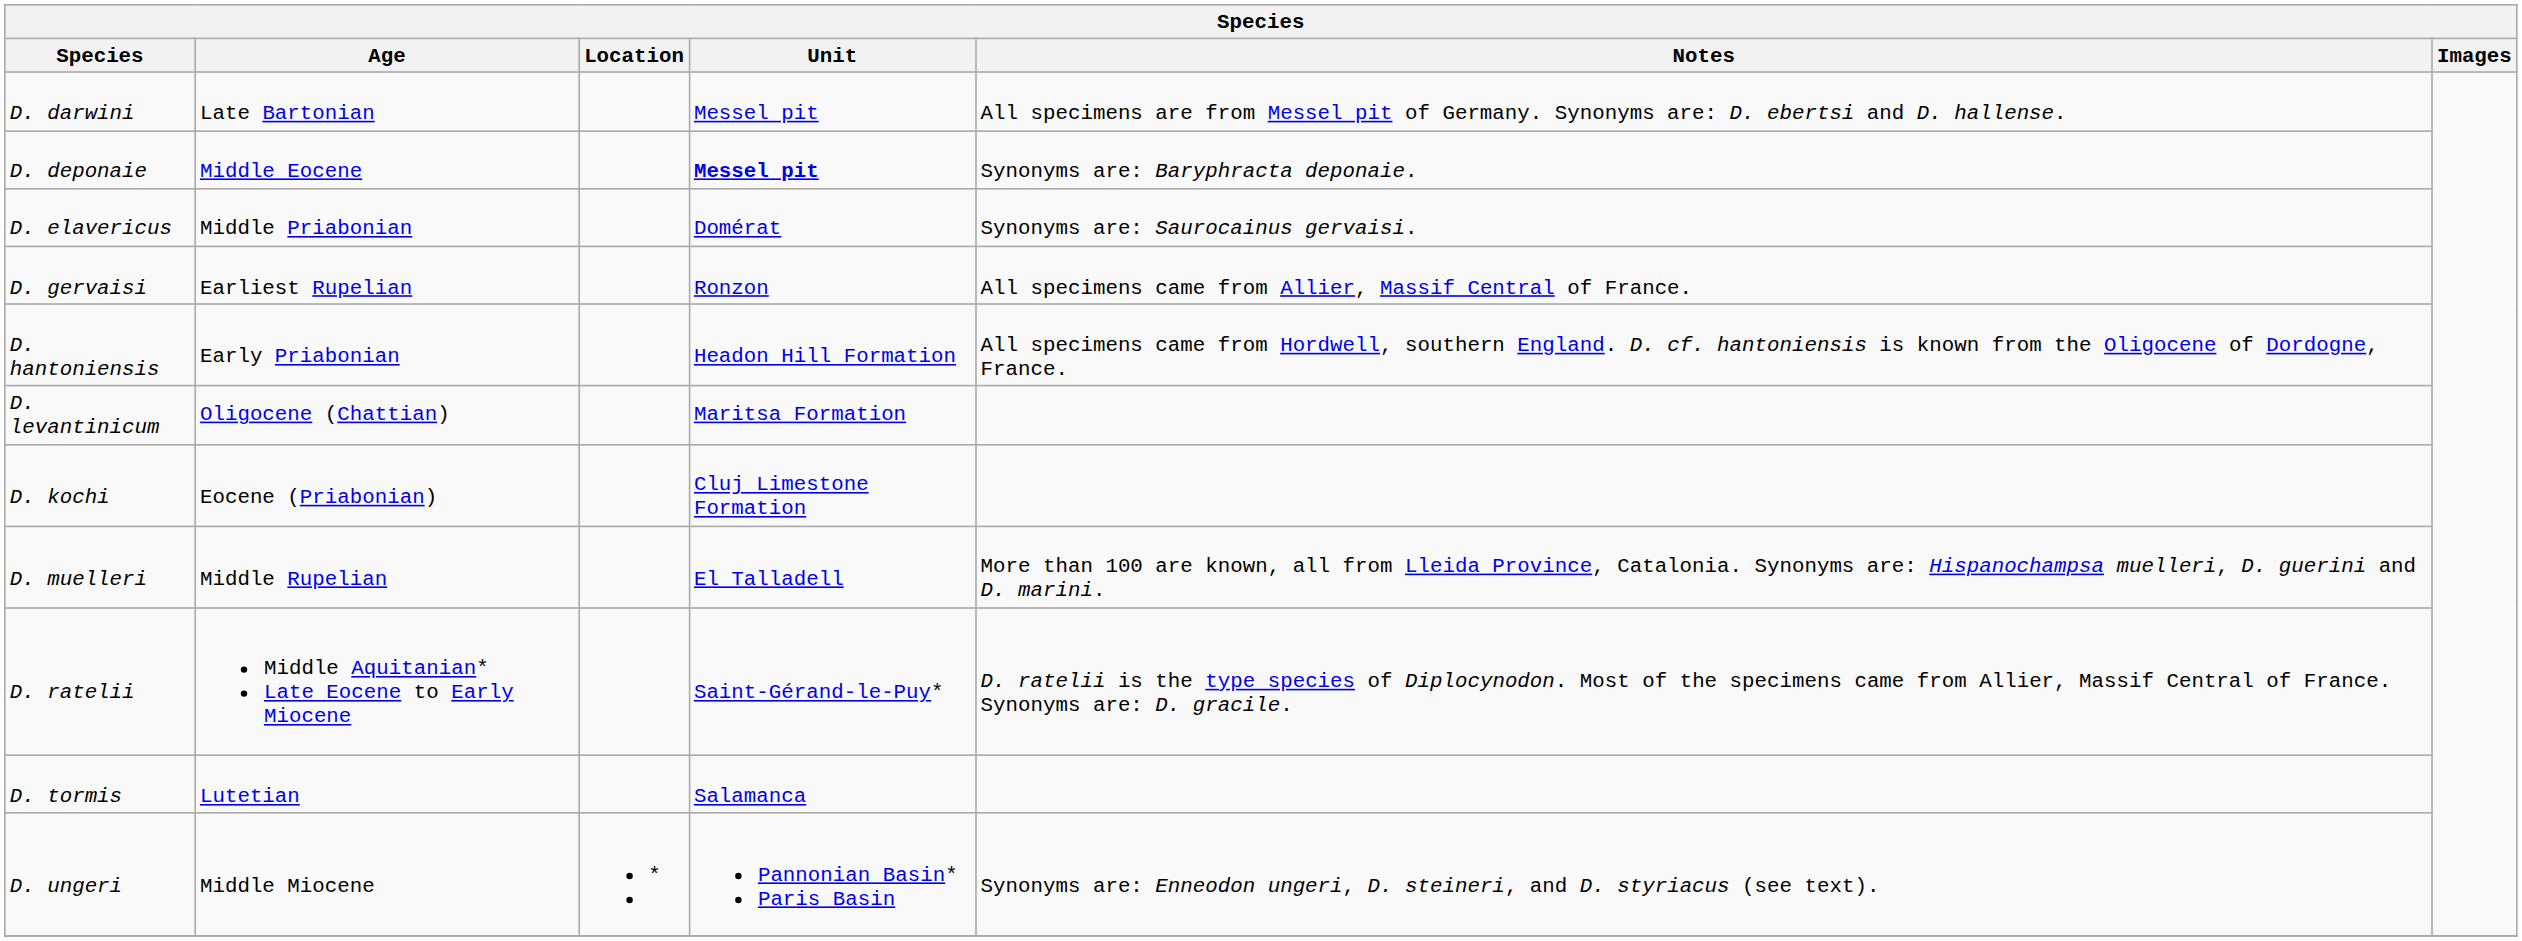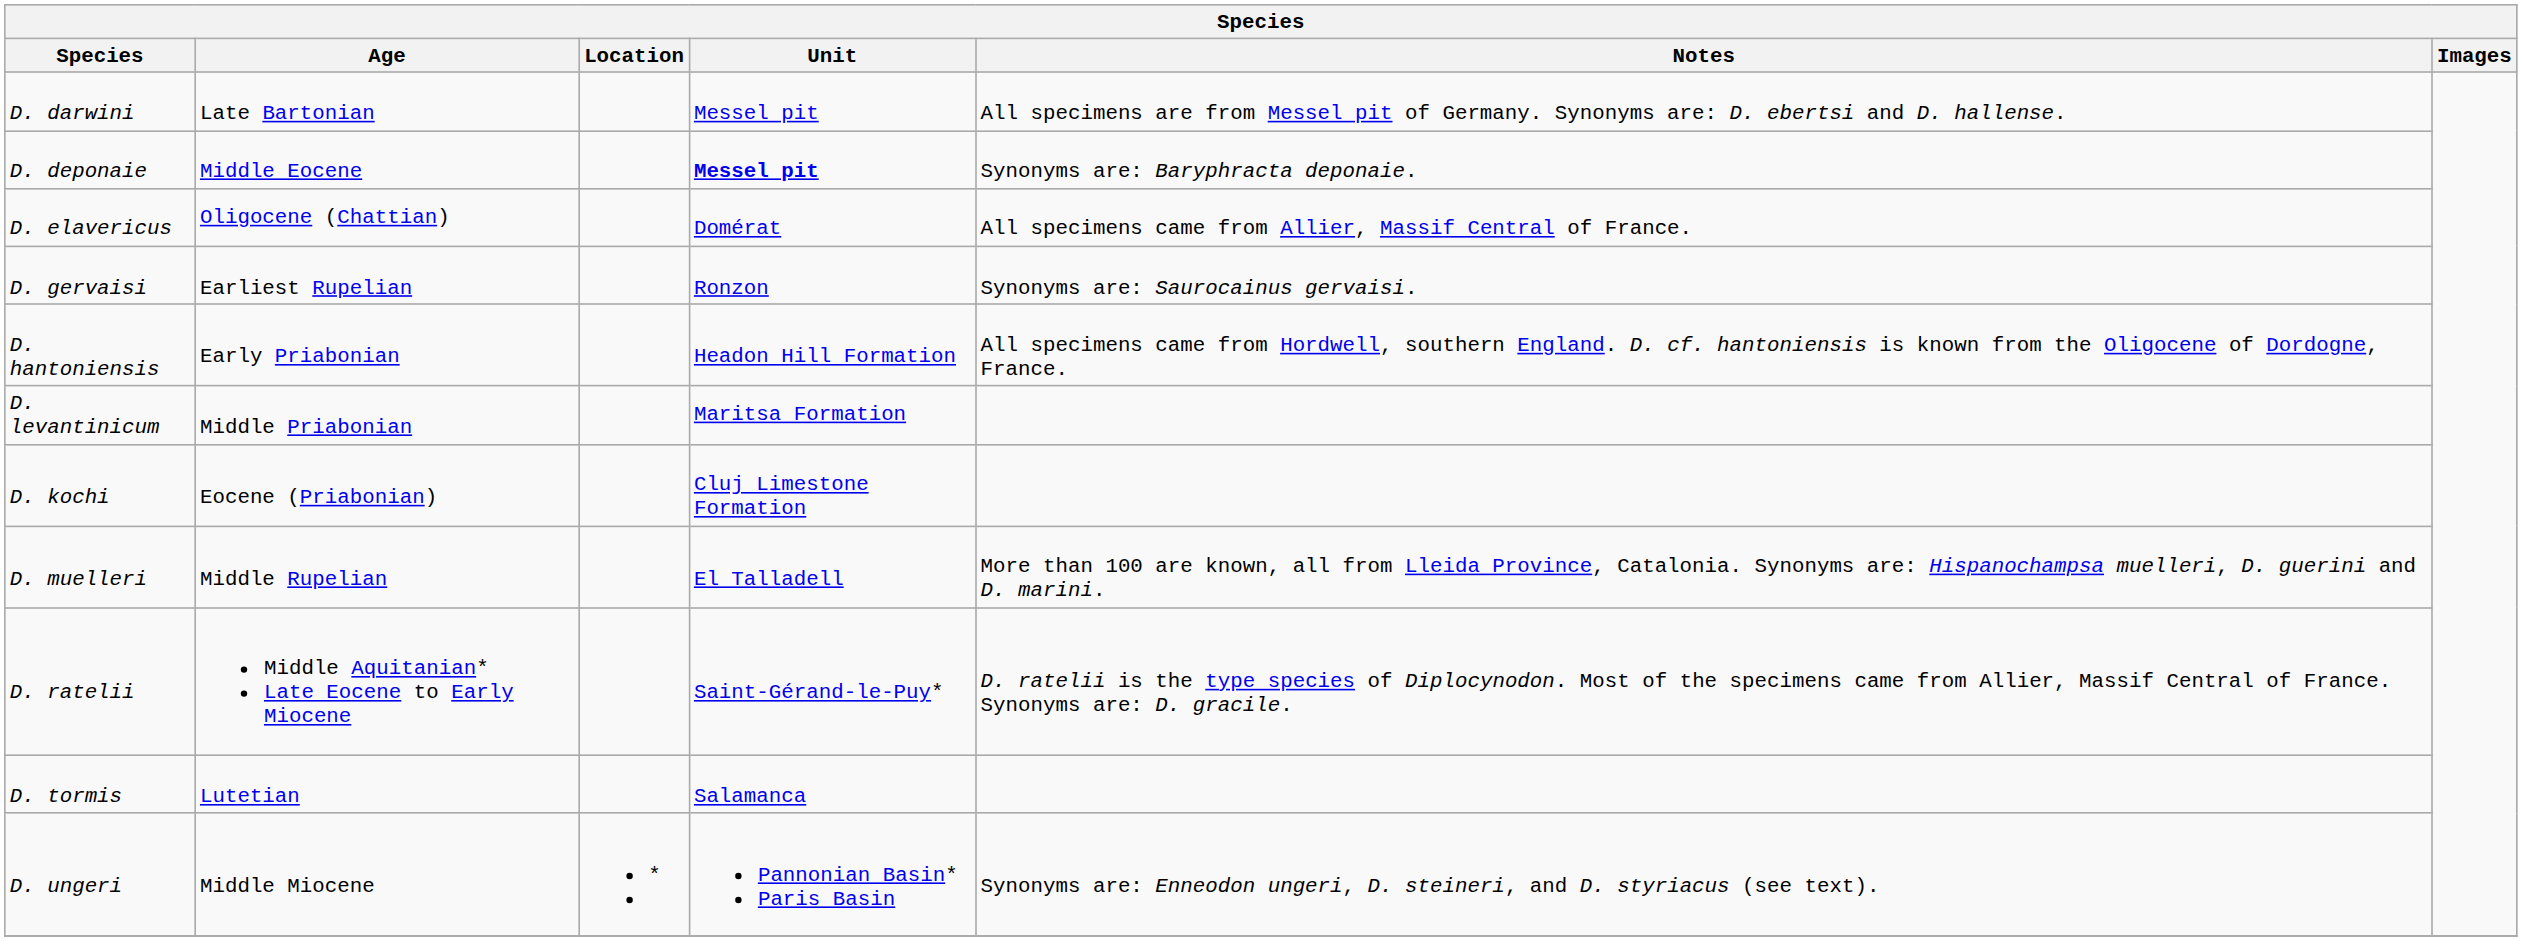 <table class="wikitable sortable" border="1">
 <tr>
 <th colspan="6" align="center"><strong>Species</strong></th>
 </tr>
 <tr>
 <th>Species</th>
 <th>Age</th>
 <th>Location</th>
 <th>Unit</th>
 <th>Notes</th>
 <th>Images</th>
 </tr>
 <tr>
 <td><br><em>D. darwini</em></td>
 <td><br>Late <a href='#'>Bartonian</a></td>
 <td><br></td>
 <td><br><a href='#'>Messel pit</a></td>
 <td><br>All specimens are from <a href='#'>Messel pit</a> of Germany. Synonyms are: <em>D. ebertsi</em> and <em>D. hallense</em>.</td>
 <td rowspan="11"><br> </td>
 </tr>
 <tr>
 <td><br><em>D. deponaie</em></td>
 <td><br><a href='#'>Middle Eocene</a></td>
 <td><br></td>
 <td><strong><br><a href='#'>Messel pit</a></strong></td>
 <td><br>Synonyms are: <em>Baryphracta deponaie</em>.</td>
 </tr>
 <tr>
 <td><br><em>D. elavericus</em></td>
-<td><br>Middle <a href='#'>Priabonian</a></td>
+<td><a href='#'>Oligocene</a> (<a href='#'>Chattian</a>)</td>
 <td><br></td>
 <td><br><a href='#'>Domérat</a></td>
-<td><br>Synonyms are: <em>Saurocainus gervaisi</em>.</td>
+<td><br>All specimens came from <a href='#'>Allier</a>, <a href='#'>Massif Central</a> of France.</td>
 </tr>
 <tr>
 <td><br><em>D. gervaisi</em></td>
 <td><br>Earliest <a href='#'>Rupelian</a></td>
 <td><br></td>
 <td><br><a href='#'>Ronzon</a></td>
-<td><br>All specimens came from <a href='#'>Allier</a>, <a href='#'>Massif Central</a> of France.</td>
+<td><br>Synonyms are: <em>Saurocainus gervaisi</em>.</td>
 </tr>
 <tr>
 <td><br><em>D. hantoniensis</em></td>
 <td><br>Early <a href='#'>Priabonian</a></td>
 <td><br></td>
 <td><br><a href='#'>Headon Hill Formation</a></td>
 <td><br>All specimens came from <a href='#'>Hordwell</a>, southern <a href='#'>England</a>. <em>D. cf. hantoniensis</em> is known from the <a href='#'>Oligocene</a> of <a href='#'>Dordogne</a>, France.</td>
 </tr>
 <tr>
 <td><em>D. levantinicum</em></td>
-<td><a href='#'>Oligocene</a> (<a href='#'>Chattian</a>)</td>
+<td><br>Middle <a href='#'>Priabonian</a></td>
 <td></td>
 <td><a href='#'>Maritsa Formation</a></td>
 <td></td>
 </tr>
 <tr>
 <td><br><em>D. kochi</em></td>
 <td><br>Eocene (<a href='#'>Priabonian</a>)</td>
 <td><br></td>
 <td><br><a href='#'>Cluj Limestone Formation</a></td>
 <td></td>
 </tr>
 <tr>
 <td><br><em>D. muelleri</em></td>
 <td><br>Middle <a href='#'>Rupelian</a></td>
 <td><br></td>
 <td><br><a href='#'>El Talladell</a></td>
 <td><br>More than 100 are known, all from <a href='#'>Lleida Province</a>, Catalonia. Synonyms are: <em><a href='#'>Hispanochampsa</a> muelleri</em>, <em>D. guerini</em> and <em>D. marini</em>.</td>
 </tr>
 <tr>
 <td><br><em>D. ratelii</em></td>
 <td><br><ul><li>Middle <a href='#'>Aquitanian</a>*</li><li><a href='#'>Late Eocene</a> to <a href='#'>Early Miocene</a></li></ul></td>
 <td><br></td>
 <td><br><a href='#'>Saint-Gérand-le-Puy</a>*</td>
 <td><br><em>D. ratelii</em> is the <a href='#'>type species</a> of <em>Diplocynodon</em>. Most of the specimens came from Allier, Massif Central of France. Synonyms are: <em>D. gracile</em>.</td>
 </tr>
 <tr>
 <td><br><em>D. tormis</em></td>
 <td><br><a href='#'>Lutetian</a></td>
 <td><br></td>
 <td><br><a href='#'>Salamanca</a></td>
 <td></td>
 </tr>
 <tr>
 <td><br><em>D. ungeri</em></td>
 <td><br>Middle Miocene</td>
 <td><br><ul><li>*</li><li></li></ul></td>
 <td><br><ul><li><a href='#'>Pannonian Basin</a>*</li><li><a href='#'>Paris Basin</a></li></ul></td>
 <td><br>Synonyms are: <em>Enneodon ungeri</em>, <em>D. steineri</em>, and <em>D. styriacus</em> (see text).</td>
 </tr>
 <tr>
 </tr>
 </table>
